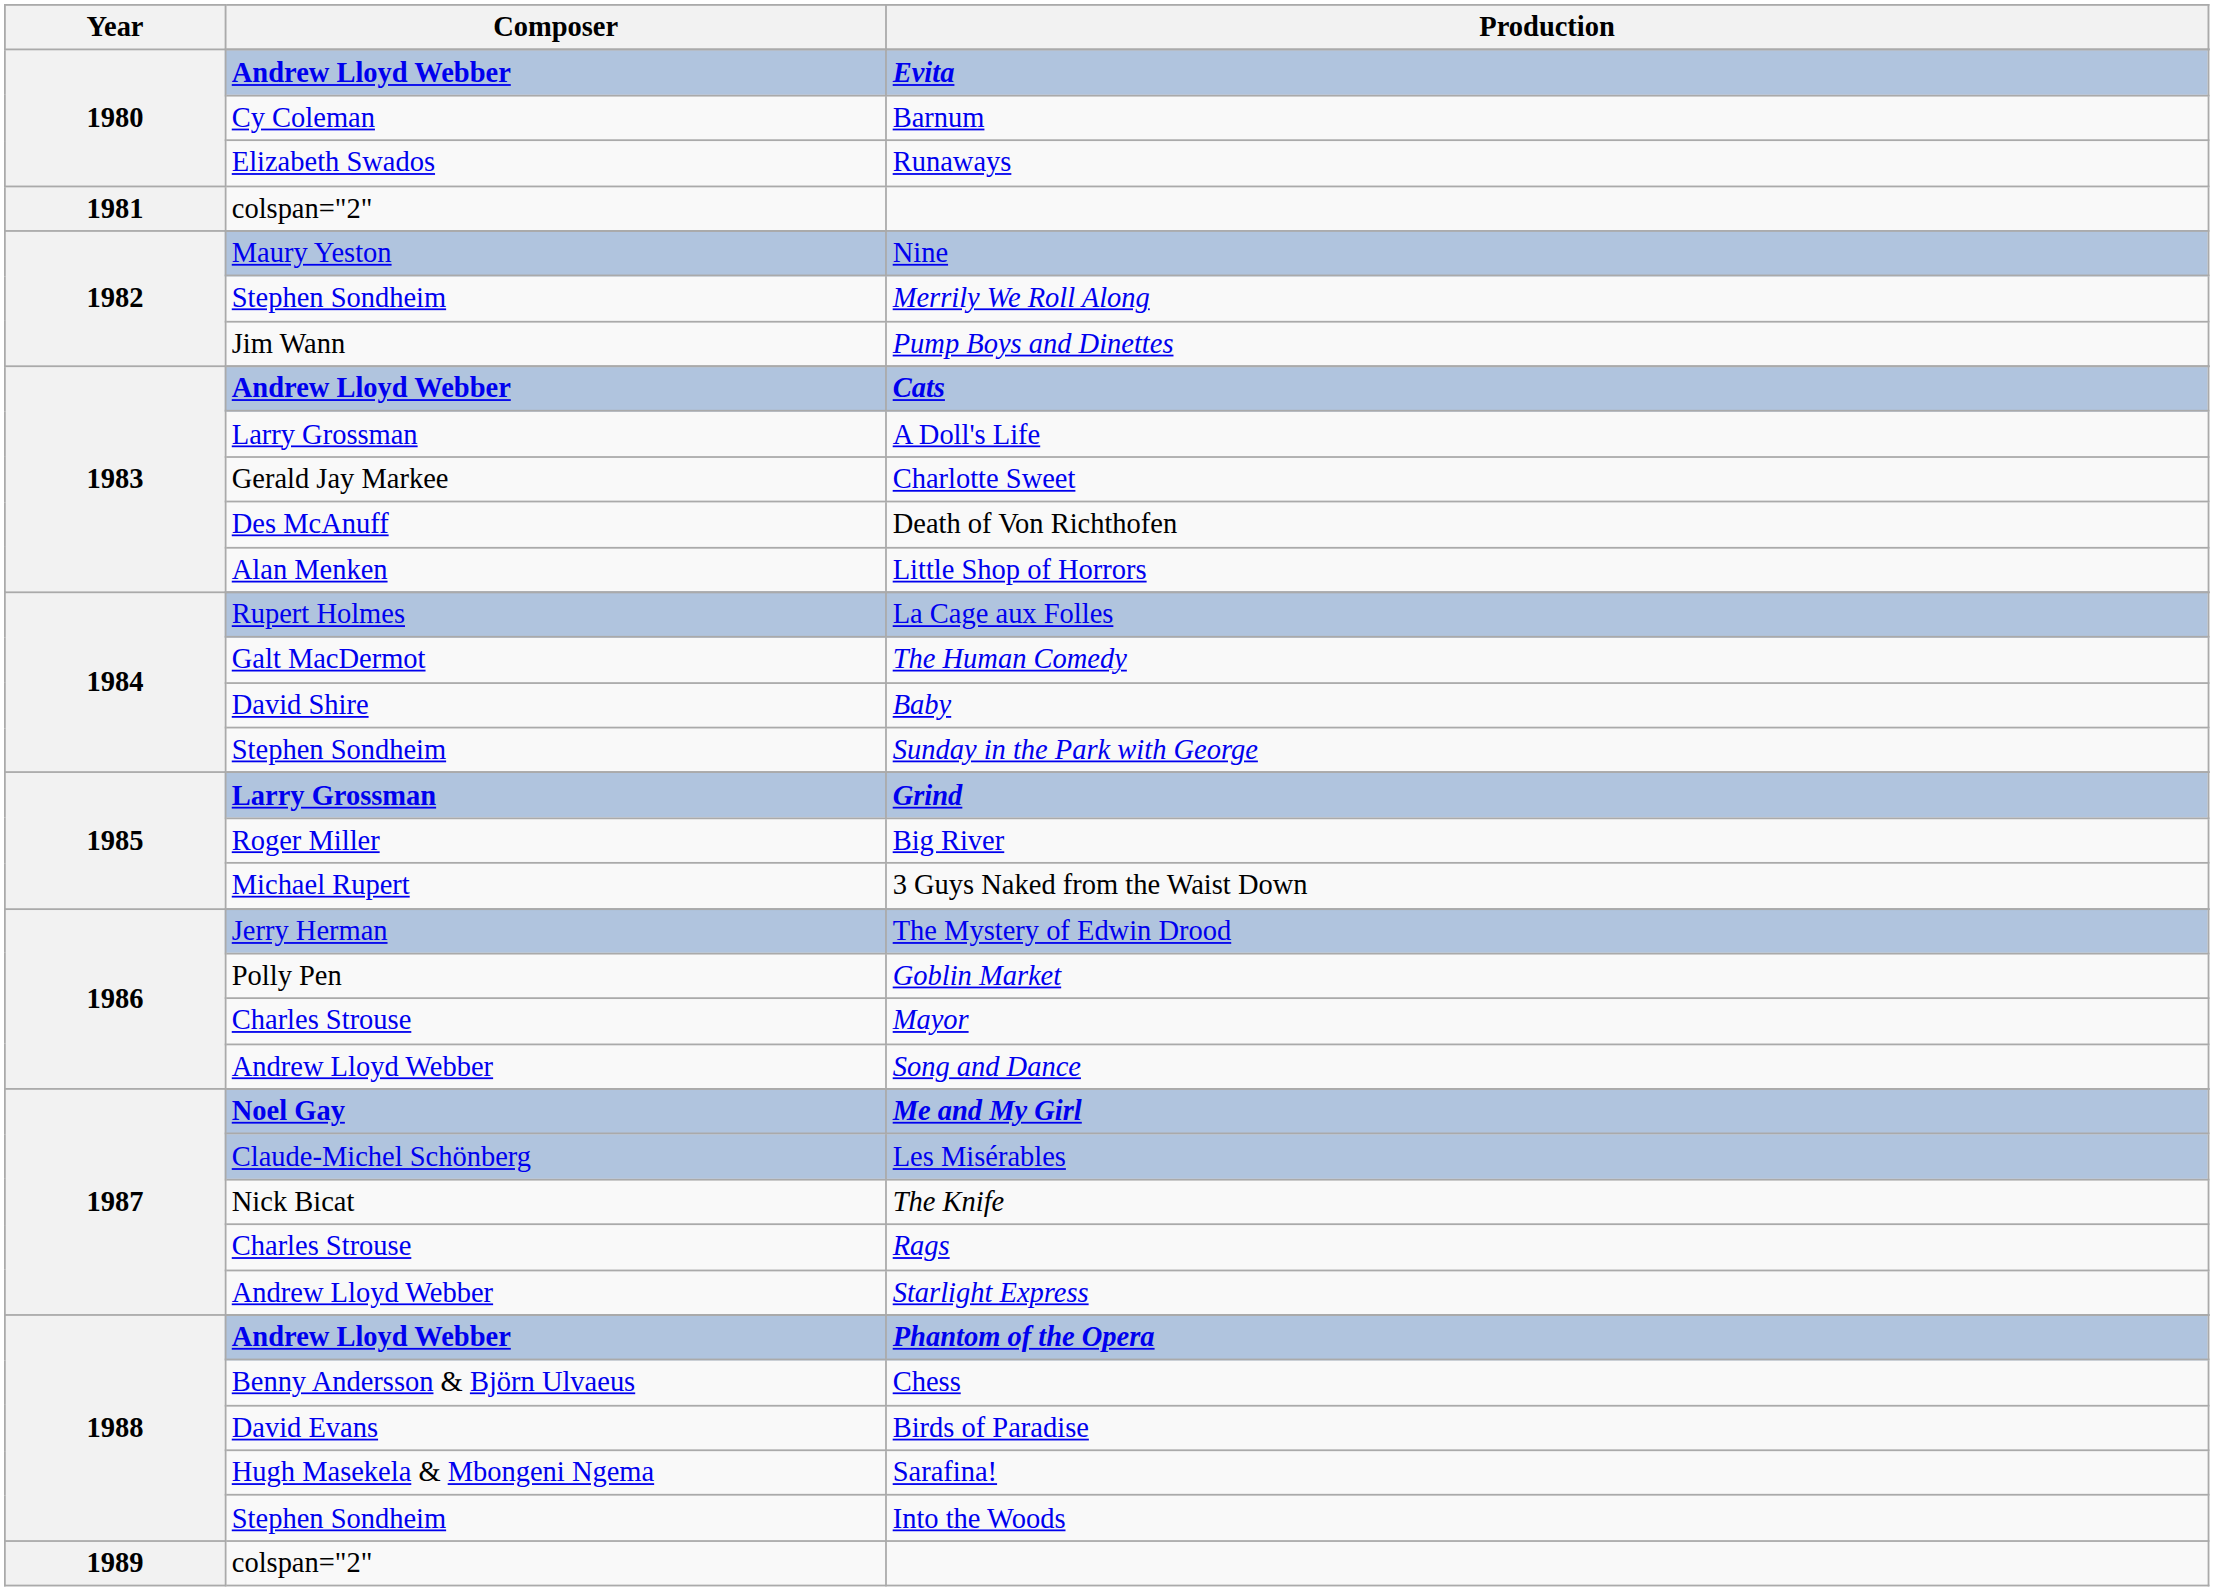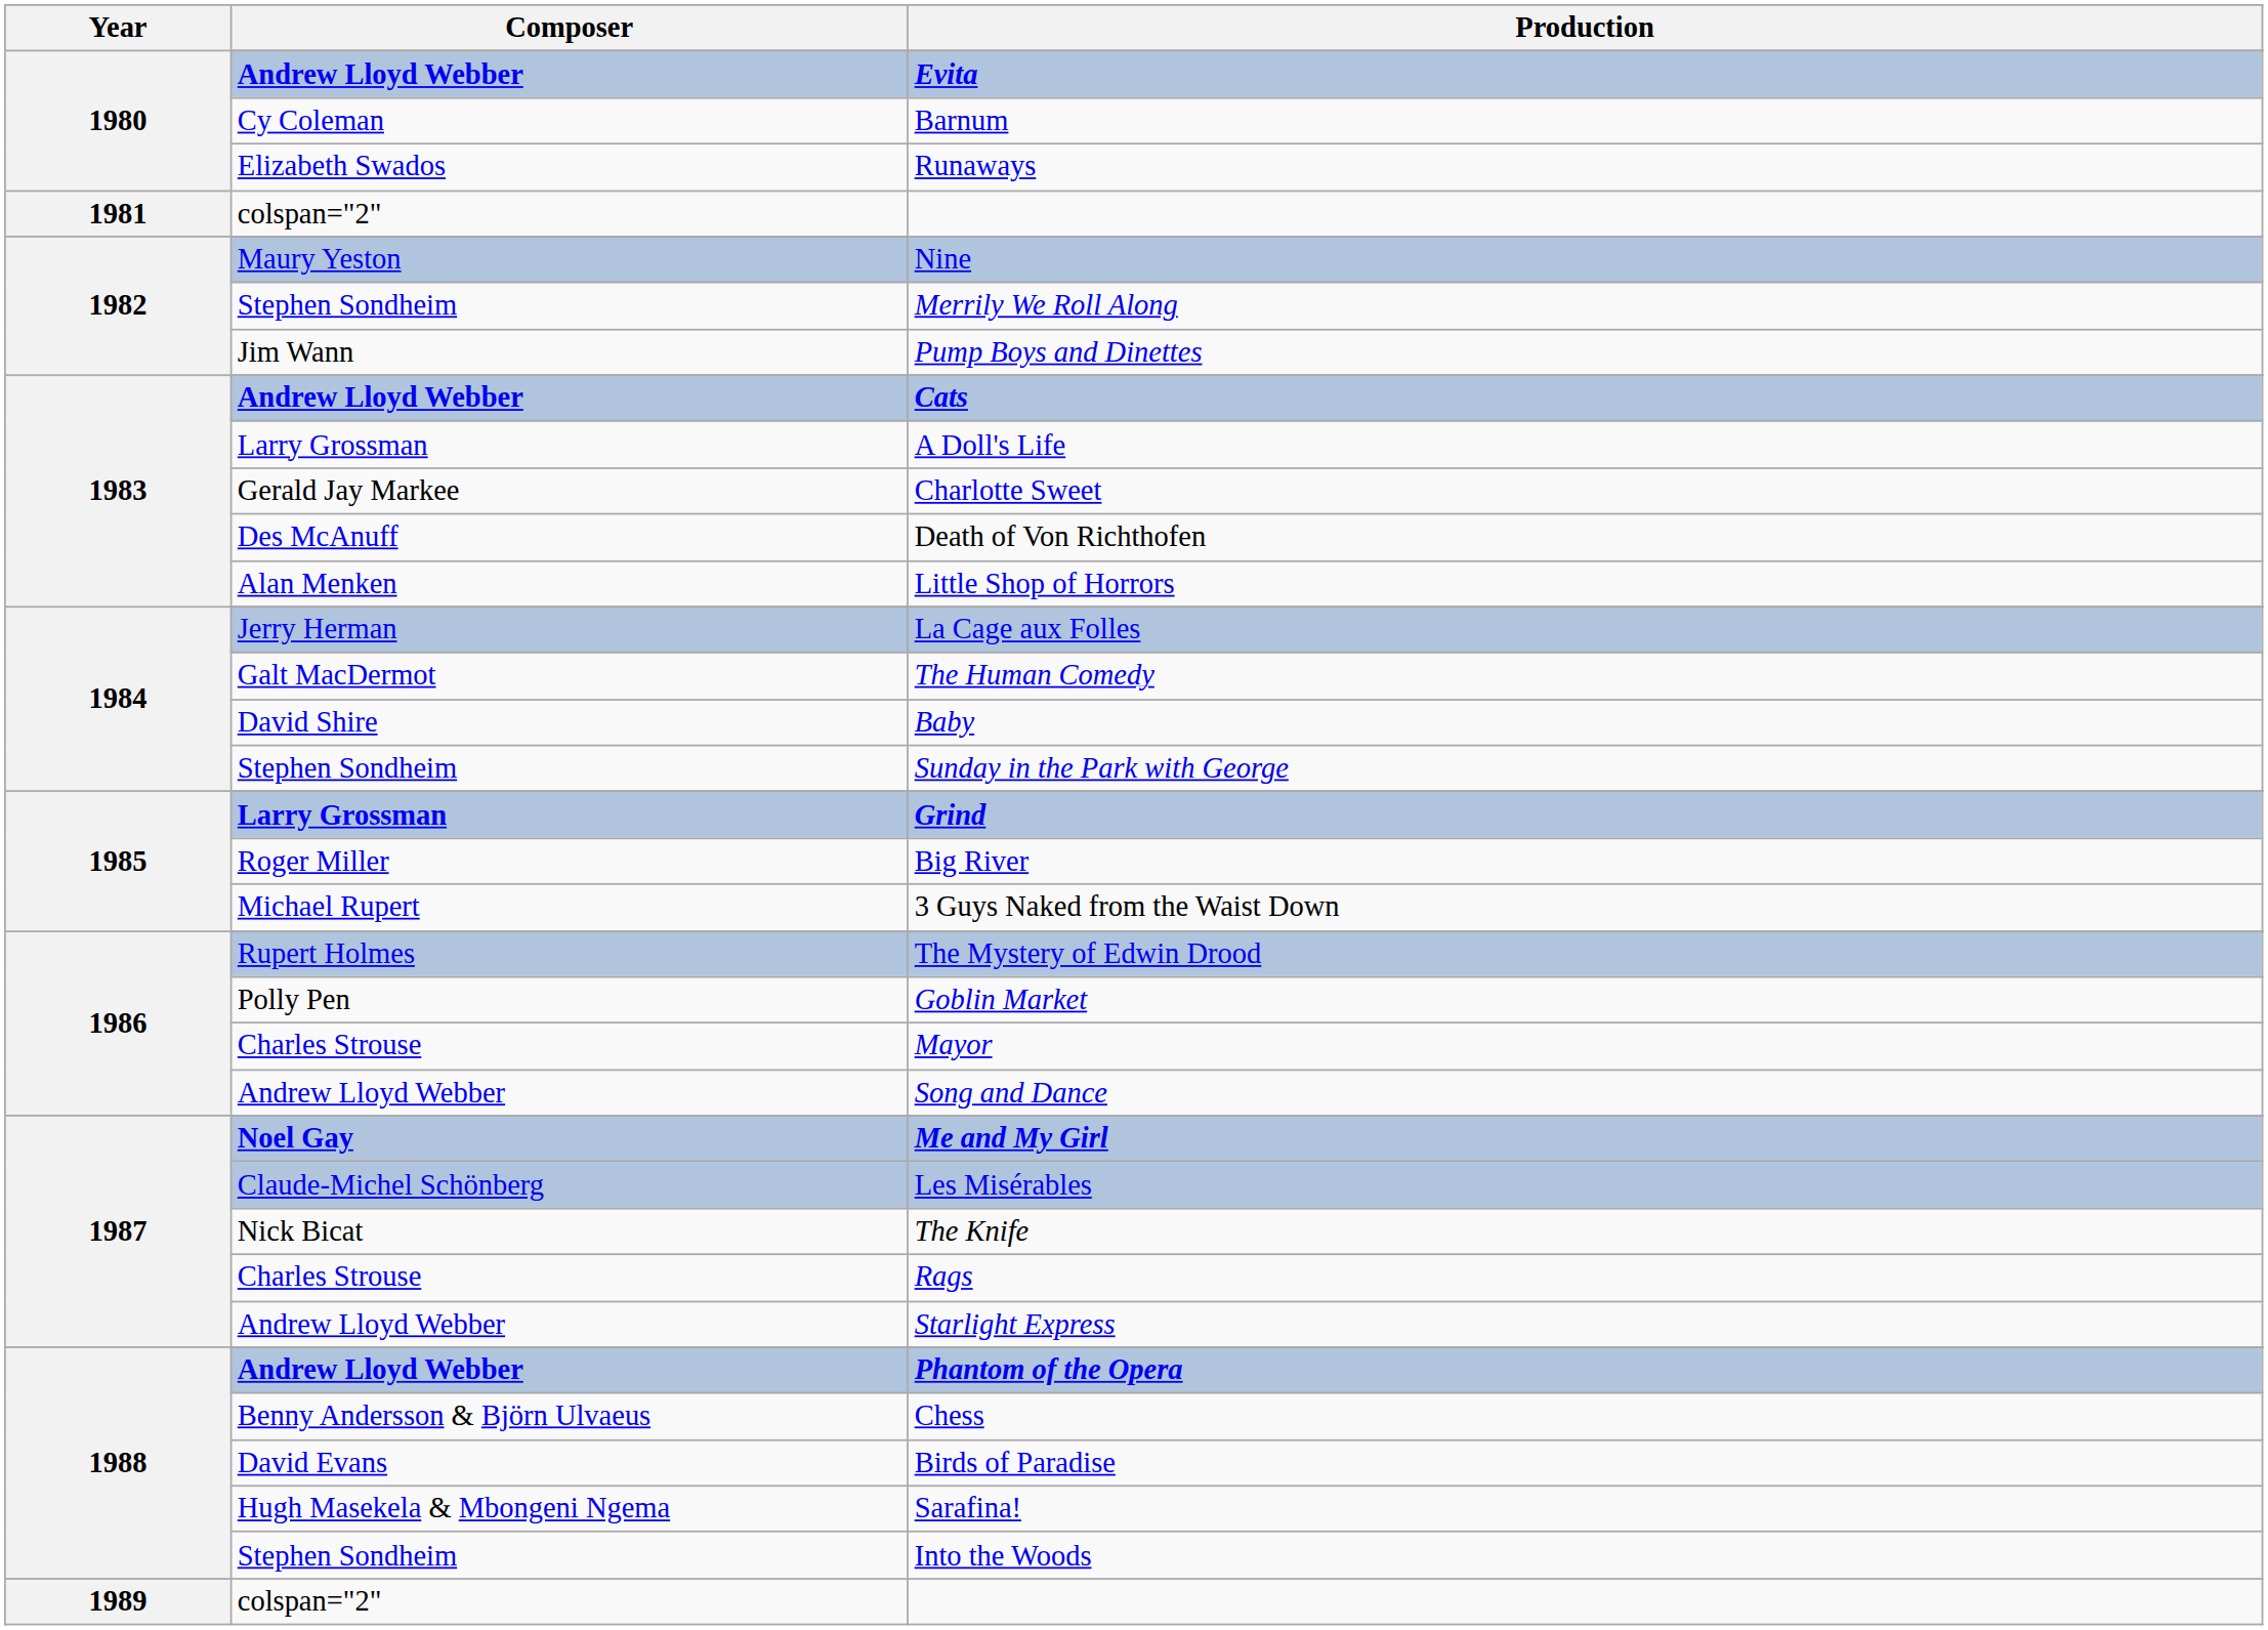 <table class="wikitable" style="width:98%;">
 <tr style="background:#bebebe;">
 <th style="width:10%;">Year</th>
 <th style="width:30%;">Composer</th>
 <th style="width:60%;">Production</th>
 </tr>
 <tr>
 <th rowspan="4" align="center">1980</th>
 </tr>
 <tr style="background:#B0C4DE">
 <td><strong><a href='#'>Andrew Lloyd Webber</a></strong></td>
 <td><strong><em><a href='#'>Evita</a><em> <strong></td>
 </tr>
 <tr>
 <td><a href='#'>Cy Coleman</a></td>
 <td></em><a href='#'>Barnum</a><em></td>
 </tr>
 <tr>
 <td><a href='#'>Elizabeth Swados</a></td>
 <td></em><a href='#'>Runaways</a><em></td>
 </tr>
 <tr>
 <th align="center">1981</th>
 <td>colspan="2" </td>
 </tr>
 <tr>
 <th rowspan="4" align="center">1982</th>
 </tr>
 <tr style="background:#B0C4DE">
 <td></strong><a href='#'>Maury Yeston</a><strong></td>
 <td></em></strong><a href='#'>Nine</a></em> </strong></td>
 </tr>
 <tr>
 <td><a href='#'>Stephen Sondheim</a></td>
 <td><em><a href='#'>Merrily We Roll Along</a></em></td>
 </tr>
 <tr>
 <td>Jim Wann</td>
 <td><em><a href='#'>Pump Boys and Dinettes</a></em></td>
 </tr>
 <tr>
 <th rowspan="6" align="center">1983</th>
 </tr>
 <tr style="background:#B0C4DE">
 <td><strong><a href='#'>Andrew Lloyd Webber</a></strong></td>
 <td><strong><em><a href='#'>Cats</a><em> <strong></td>
 </tr>
 <tr>
 <td><a href='#'>Larry Grossman</a></td>
 <td></em><a href='#'>A Doll's Life</a><em></td>
 </tr>
 <tr>
 <td>Gerald Jay Markee</td>
 <td></em><a href='#'>Charlotte Sweet</a><em></td>
 </tr>
 <tr>
 <td><a href='#'>Des McAnuff</a></td>
 <td></em>Death of Von Richthofen<em></td>
 </tr>
 <tr>
 <td><a href='#'>Alan Menken</a></td>
 <td></em><a href='#'>Little Shop of Horrors</a><em></td>
 </tr>
 <tr>
 <th rowspan="5" align="center">1984</th>
 </tr>
 <tr style="background:#B0C4DE">
-<td></strong><a href='#'>Rupert Holmes</a><strong></td>
+<td></strong><a href='#'>Jerry Herman</a><strong></td>
 <td></em></strong><a href='#'>La Cage aux Folles</a></em> </strong></td>
 </tr>
 <tr>
 <td><a href='#'>Galt MacDermot</a></td>
 <td><em><a href='#'>The Human Comedy</a></em></td>
 </tr>
 <tr>
 <td><a href='#'>David Shire</a></td>
 <td><em><a href='#'>Baby</a></em></td>
 </tr>
 <tr>
 <td><a href='#'>Stephen Sondheim</a></td>
 <td><em><a href='#'>Sunday in the Park with George</a></em></td>
 </tr>
 <tr>
 <th rowspan="4" align="center">1985</th>
 </tr>
 <tr style="background:#B0C4DE">
 <td><strong><a href='#'>Larry Grossman</a></strong></td>
 <td><strong><em><a href='#'>Grind</a><em> <strong></td>
 </tr>
 <tr>
 <td><a href='#'>Roger Miller</a></td>
 <td></em><a href='#'>Big River</a><em></td>
 </tr>
 <tr>
 <td><a href='#'>Michael Rupert</a></td>
 <td></em>3 Guys Naked from the Waist Down<em></td>
 </tr>
 <tr>
 <th rowspan="5" align="center">1986</th>
 </tr>
 <tr style="background:#B0C4DE">
-<td></strong><a href='#'>Jerry Herman</a><strong></td>
+<td></strong><a href='#'>Rupert Holmes</a><strong></td>
 <td></em></strong><a href='#'>The Mystery of Edwin Drood</a></em> </strong></td>
 </tr>
 <tr>
 <td>Polly Pen</td>
 <td><em><a href='#'>Goblin Market</a></em></td>
 </tr>
 <tr>
 <td><a href='#'>Charles Strouse</a></td>
 <td><em><a href='#'>Mayor</a></em></td>
 </tr>
 <tr>
 <td><a href='#'>Andrew Lloyd Webber</a></td>
 <td><em><a href='#'>Song and Dance</a></em></td>
 </tr>
 <tr>
 <th rowspan="6" align="center">1987</th>
 </tr>
 <tr style="background:#B0C4DE">
 <td><strong><a href='#'>Noel Gay</a></strong></td>
 <td><strong><em><a href='#'>Me and My Girl</a><em> <strong></td>
 </tr>
 <tr style="background:#B0C4DE">
 <td></strong><a href='#'>Claude-Michel Schönberg</a><strong></td>
 <td></em></strong><a href='#'>Les Misérables</a></em> </strong></td>
 </tr>
 <tr>
 <td>Nick Bicat</td>
 <td><em>The Knife</em></td>
 </tr>
 <tr>
 <td><a href='#'>Charles Strouse</a></td>
 <td><em><a href='#'>Rags</a></em></td>
 </tr>
 <tr>
 <td><a href='#'>Andrew Lloyd Webber</a></td>
 <td><em><a href='#'>Starlight Express</a></em></td>
 </tr>
 <tr>
 <th rowspan="6" align="center">1988</th>
 </tr>
 <tr style="background:#B0C4DE">
 <td><strong><a href='#'>Andrew Lloyd Webber</a></strong></td>
 <td><strong><em><a href='#'>Phantom of the Opera</a><em> <strong></td>
 </tr>
 <tr>
 <td><a href='#'>Benny Andersson</a> & <a href='#'>Björn Ulvaeus</a></td>
 <td></em><a href='#'>Chess</a><em></td>
 </tr>
 <tr>
 <td><a href='#'>David Evans</a></td>
 <td></em><a href='#'>Birds of Paradise</a><em></td>
 </tr>
 <tr>
 <td><a href='#'>Hugh Masekela</a> & <a href='#'>Mbongeni Ngema</a></td>
 <td></em><a href='#'>Sarafina!</a><em></td>
 </tr>
 <tr>
 <td><a href='#'>Stephen Sondheim</a></td>
 <td></em><a href='#'>Into the Woods</a><em></td>
 </tr>
 <tr>
 <th align="center">1989</th>
 <td>colspan="2" </td>
 </tr>
 </table>
